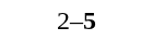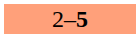 <table width="100%" cellspacing="1">
 <tr>
 <th width=45%></th>
 <th width=10%></th>
 <th width=45%></th>
 </tr>
 <tr>
 <td></td>
-<td align="center">2–<strong>5</strong></td>
+<td align="center" style="background: lightsalmon;">2–<strong>5</strong></td>
 <td><strong></strong></td>
 </tr>
 </table>
